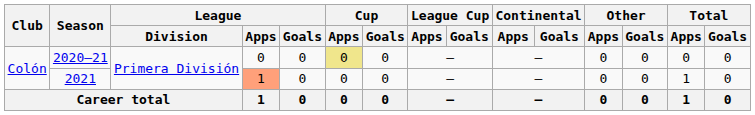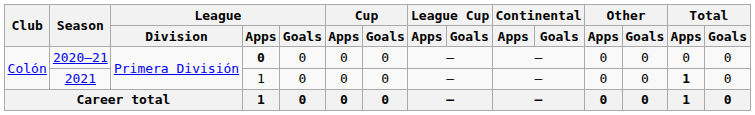 <table class="wikitable" style="text-align:center">
 <tr>
 <th rowspan="2">Club</th>
 <th rowspan="2">Season</th>
 <th colspan="3">League</th>
 <th colspan="2">Cup</th>
 <th colspan="2">League Cup</th>
 <th colspan="2">Continental</th>
 <th colspan="2">Other</th>
 <th colspan="2">Total</th>
 </tr>
 <tr>
 <th>Division</th>
 <th>Apps</th>
 <th>Goals</th>
 <th>Apps</th>
 <th>Goals</th>
 <th>Apps</th>
 <th>Goals</th>
 <th>Apps</th>
 <th>Goals</th>
 <th>Apps</th>
 <th>Goals</th>
 <th>Apps</th>
 <th>Goals</th>
 </tr>
 <tr>
 <td rowspan="2"><a href='#'>Colón</a></td>
 <td><a href='#'>2020–21</a></td>
 <td rowspan="2"><a href='#'>Primera División</a></td>
+<td><strong>0</strong></td>
 <td>0</td>
 <td>0</td>
-<td style="background: khaki;">0</td>
 <td>0</td>
 <td colspan="2">—</td>
 <td colspan="2">—</td>
 <td>0</td>
 <td>0</td>
 <td>0</td>
 <td>0</td>
 </tr>
 <tr>
 <td><a href='#'>2021</a></td>
-<td style="background: lightsalmon;">1</td>
+<td>1</td>
 <td>0</td>
 <td>0</td>
 <td>0</td>
 <td colspan="2">—</td>
 <td colspan="2">—</td>
 <td>0</td>
 <td>0</td>
-<td>1</td>
+<td><strong>1</strong></td>
 <td>0</td>
 </tr>
 <tr>
 <th colspan="3">Career total</th>
 <th>1</th>
 <th>0</th>
 <th>0</th>
 <th>0</th>
 <th colspan="2">—</th>
 <th colspan="2">—</th>
 <th>0</th>
 <th>0</th>
 <th>1</th>
 <th>0</th>
 </tr>
 </table>
